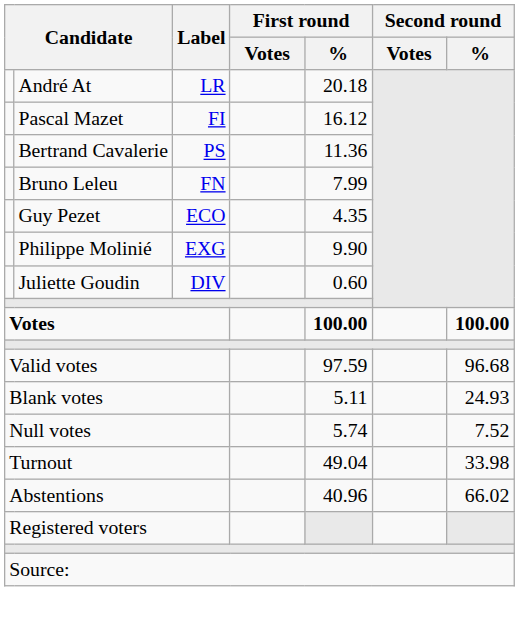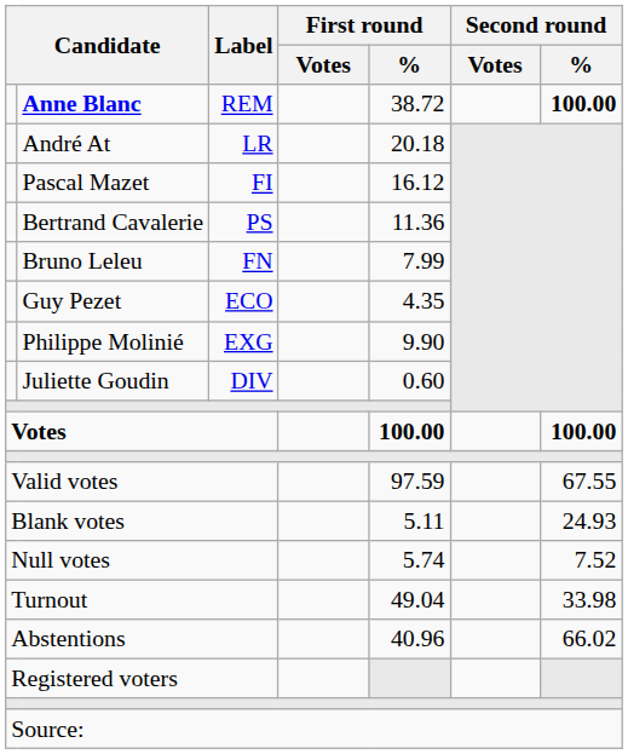 <table class="wikitable" style="text-align:right;font-size:95%;">
 <tr>
 <th colspan="2" rowspan="2">Candidate</th>
 <th rowspan="2">Label</th>
 <th colspan="2">First round</th>
 <th colspan="2">Second round</th>
 </tr>
 <tr>
 <th style="width:50px;">Votes</th>
 <th style="width:45px;">%</th>
 <th style="width:50px;">Votes</th>
 <th style="width:45px;">%</th>
+</tr>
+<tr>
+<td style="color:inherit;background:"></td>
+<td style="text-align:left;"><strong><a href='#'>Anne Blanc</a></strong></td>
+<td><a href='#'>REM</a></td>
+<td></td>
+<td>38.72</td>
+<td><strong></strong></td>
+<td><strong>100.00</strong></td>
 </tr>
 <tr>
 <td style="color:inherit;background:"></td>
 <td style="text-align:left;">André At</td>
 <td><a href='#'>LR</a></td>
 <td></td>
 <td>20.18</td>
 <td colspan="2" rowspan="8" style="background:#E9E9E9;"></td>
 </tr>
 <tr>
 <td style="color:inherit;background:"></td>
 <td style="text-align:left;">Pascal Mazet</td>
 <td><a href='#'>FI</a></td>
 <td></td>
 <td>16.12</td>
 </tr>
 <tr>
 <td style="color:inherit;background:"></td>
 <td style="text-align:left;">Bertrand Cavalerie</td>
 <td><a href='#'>PS</a></td>
 <td></td>
 <td>11.36</td>
 </tr>
 <tr>
 <td style="color:inherit;background:"></td>
 <td style="text-align:left;">Bruno Leleu</td>
 <td><a href='#'>FN</a></td>
 <td></td>
 <td>7.99</td>
 </tr>
 <tr>
 <td style="color:inherit;background:"></td>
 <td style="text-align:left;">Guy Pezet</td>
 <td><a href='#'>ECO</a></td>
 <td></td>
 <td>4.35</td>
 </tr>
 <tr>
 <td style="color:inherit;background:"></td>
 <td style="text-align:left;">Philippe Molinié</td>
 <td><a href='#'>EXG</a></td>
 <td></td>
 <td>9.90</td>
 </tr>
 <tr>
 <td style="color:inherit;background:"></td>
 <td style="text-align:left;">Juliette Goudin</td>
 <td><a href='#'>DIV</a></td>
 <td></td>
 <td>0.60</td>
 </tr>
 <tr>
 <td colspan="7" style="background:#E9E9E9;"></td>
 </tr>
 <tr style="font-weight:bold;">
 <td colspan="3" style="text-align:left;">Votes</td>
 <td></td>
 <td>100.00</td>
 <td></td>
 <td>100.00</td>
 </tr>
 <tr>
 <td colspan="7" style="background:#E9E9E9;"></td>
 </tr>
 <tr>
 <td colspan="3" style="text-align:left;">Valid votes</td>
 <td></td>
 <td>97.59</td>
 <td></td>
-<td>96.68</td>
+<td>67.55</td>
 </tr>
 <tr>
 <td colspan="3" style="text-align:left;">Blank votes</td>
 <td></td>
 <td>5.11</td>
 <td></td>
 <td>24.93</td>
 </tr>
 <tr>
 <td colspan="3" style="text-align:left;">Null votes</td>
 <td></td>
 <td>5.74</td>
 <td></td>
 <td>7.52</td>
 </tr>
 <tr>
 <td colspan="3" style="text-align:left;">Turnout</td>
 <td></td>
 <td>49.04</td>
 <td></td>
 <td>33.98</td>
 </tr>
 <tr>
 <td colspan="3" style="text-align:left;">Abstentions</td>
 <td></td>
 <td>40.96</td>
 <td></td>
 <td>66.02</td>
 </tr>
 <tr>
 <td colspan="3" style="text-align:left;">Registered voters</td>
 <td></td>
 <td style="background:#E9E9E9;"></td>
 <td></td>
 <td style="background:#E9E9E9;"></td>
 </tr>
 <tr>
 <td colspan="7" style="background:#E9E9E9;"></td>
 </tr>
 <tr>
 <td colspan="7" style="text-align:left;">Source: </td>
 </tr>
 </table>
